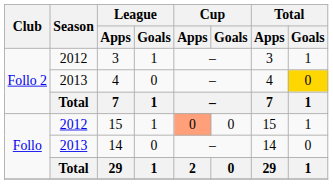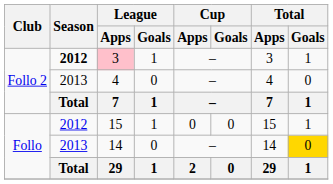 <table class="wikitable" style="text-align: center;">
 <tr>
 <th rowspan="2">Club</th>
 <th rowspan="2">Season</th>
 <th colspan="2">League</th>
 <th colspan="2">Cup</th>
 <th colspan="2">Total</th>
 </tr>
 <tr>
 <th>Apps</th>
 <th>Goals</th>
 <th>Apps</th>
 <th>Goals</th>
 <th>Apps</th>
 <th>Goals</th>
 </tr>
 <tr>
 <td rowspan="3" valign="center"><a href='#'>Follo 2</a></td>
-<td>2012</td>
-<td>3</td>
+<td><strong>2012</strong></td>
+<td style="background: pink;">3</td>
 <td>1</td>
 <td colspan="2">–</td>
 <td>3</td>
 <td>1</td>
 </tr>
 <tr>
 <td>2013</td>
 <td>4</td>
 <td>0</td>
 <td colspan="2">–</td>
 <td>4</td>
-<td style="background: gold;">0</td>
+<td>0</td>
 </tr>
 <tr>
 <th colspan="1">Total</th>
 <th>7</th>
 <th>1</th>
 <th colspan="2">–</th>
 <th>7</th>
 <th>1</th>
 </tr>
 <tr>
 <td rowspan="3" valign="center"><a href='#'>Follo</a></td>
 <td><a href='#'>2012</a></td>
 <td>15</td>
 <td>1</td>
-<td style="background: lightsalmon;">0</td>
+<td>0</td>
 <td>0</td>
 <td>15</td>
 <td>1</td>
 </tr>
 <tr>
 <td><a href='#'>2013</a></td>
 <td>14</td>
 <td>0</td>
 <td colspan="2">–</td>
 <td>14</td>
-<td>0</td>
+<td style="background: gold;">0</td>
 </tr>
 <tr>
 <th colspan="1">Total</th>
 <th>29</th>
 <th>1</th>
 <th>2</th>
 <th>0</th>
 <th>29</th>
 <th>1</th>
 </tr>
 <tr>
 </tr>
 </table>
